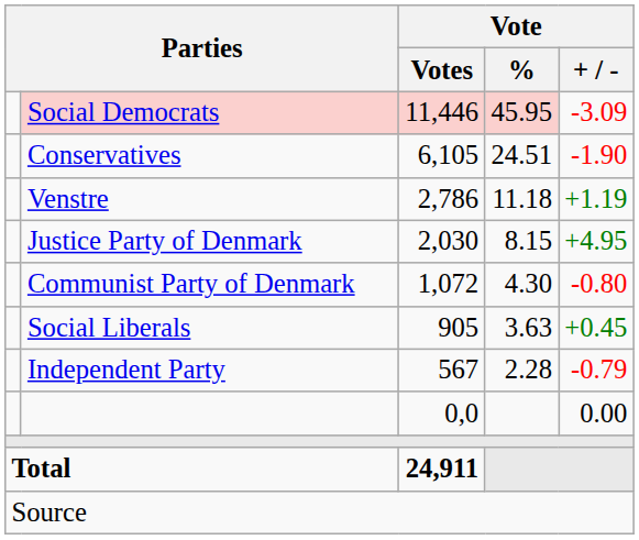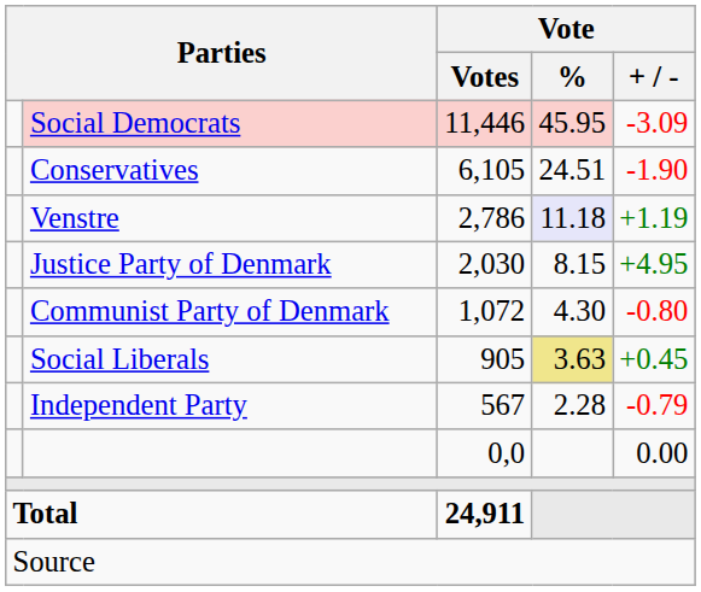 <table class="wikitable" style="text-align:right;">
 <tr>
 <th style="text-align:centre;" rowspan="2" colspan="2" width="225">Parties</th>
 <th colspan="3">Vote</th>
 </tr>
 <tr>
 <th width="15">Votes</th>
 <th width="15">%</th>
 <th width="15">+ / -</th>
 </tr>
 <tr>
 <td width="2" style="color:inherit;background:"></td>
 <td bgcolor=#fbd0ce  align="left"><a href='#'>Social Democrats</a></td>
 <td bgcolor=#fbd0ce>11,446</td>
 <td bgcolor=#fbd0ce>45.95</td>
 <td style=color:red;>-3.09</td>
 </tr>
 <tr>
 <td width="2" style="color:inherit;background:"></td>
 <td align="left"><a href='#'>Conservatives</a></td>
 <td>6,105</td>
 <td>24.51</td>
 <td style=color:red;>-1.90</td>
 </tr>
 <tr>
 <td width="2" style="color:inherit;background:"></td>
 <td align="left"><a href='#'>Venstre</a></td>
 <td>2,786</td>
-<td>11.18</td>
+<td style="background: lavender;">11.18</td>
 <td style=color:green;>+1.19</td>
 </tr>
 <tr>
 <td width="2" style="color:inherit;background:"></td>
 <td align="left"><a href='#'>Justice Party of Denmark</a></td>
 <td>2,030</td>
 <td>8.15</td>
 <td style=color:green;>+4.95</td>
 </tr>
 <tr>
 <td width="2" style="color:inherit;background:"></td>
 <td align="left"><a href='#'>Communist Party of Denmark</a></td>
 <td>1,072</td>
 <td>4.30</td>
 <td style=color:red;>-0.80</td>
 </tr>
 <tr>
 <td width="2" style="color:inherit;background:"></td>
 <td align="left"><a href='#'>Social Liberals</a></td>
 <td>905</td>
-<td>3.63</td>
+<td style="background: khaki;">3.63</td>
 <td style=color:green;>+0.45</td>
 </tr>
 <tr>
 <td width="2" style="color:inherit;background:"></td>
 <td align="left"><a href='#'>Independent Party</a></td>
 <td>567</td>
 <td>2.28</td>
 <td style=color:red;>-0.79</td>
 </tr>
 <tr>
 <td width="2" style="color:inherit;background:"></td>
 <td align="left"></td>
 <td>0,0</td>
 <td></td>
 <td>0.00</td>
 </tr>
 <tr>
 <td colspan="7" bgcolor="#E9E9E9"></td>
 </tr>
 <tr>
 <td align="left" colspan="2"><strong>Total</strong></td>
 <td><strong>24,911</strong></td>
 <td bgcolor="#E9E9E9" colspan="2"></td>
 </tr>
 <tr>
 <td align="left" colspan="6">Source</td>
 </tr>
 </table>
